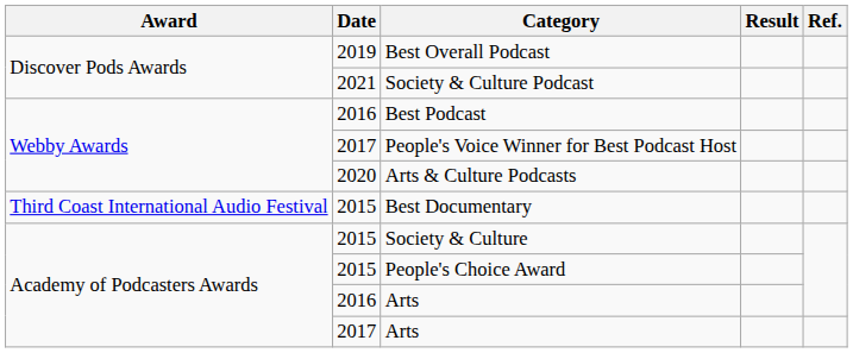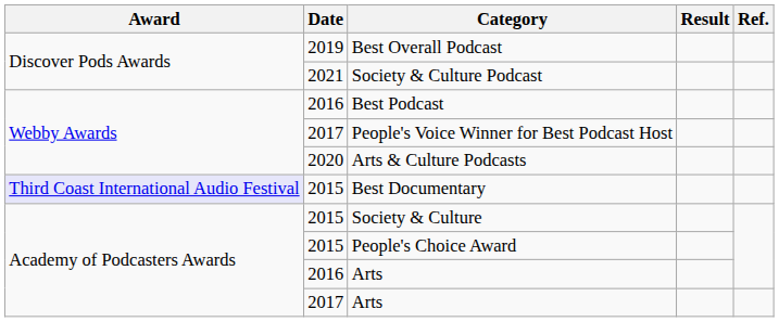 <table class="wikitable sortable">
 <tr>
 <th>Award</th>
 <th>Date</th>
 <th>Category</th>
 <th>Result</th>
 <th>Ref.</th>
 </tr>
 <tr>
 <td rowspan="2">Discover Pods Awards</td>
 <td>2019</td>
 <td>Best Overall Podcast</td>
 <td></td>
 <td></td>
 </tr>
 <tr>
 <td>2021</td>
 <td>Society & Culture Podcast</td>
 <td></td>
 <td></td>
 </tr>
 <tr>
 <td rowspan="3"><a href='#'>Webby Awards</a></td>
 <td>2016</td>
 <td>Best Podcast</td>
 <td></td>
 <td></td>
 </tr>
 <tr>
 <td>2017</td>
 <td>People's Voice Winner for Best Podcast Host</td>
 <td></td>
 <td></td>
 </tr>
 <tr>
 <td>2020</td>
 <td>Arts & Culture Podcasts</td>
 <td></td>
 <td></td>
 </tr>
 <tr>
-<td><a href='#'>Third Coast International Audio Festival</a></td>
+<td style="background: lavender;"><a href='#'>Third Coast International Audio Festival</a></td>
 <td>2015</td>
 <td>Best Documentary</td>
 <td></td>
 <td></td>
 </tr>
 <tr>
 <td rowspan="4">Academy of Podcasters Awards</td>
 <td>2015</td>
 <td>Society & Culture</td>
 <td></td>
 <td rowspan="3"></td>
 </tr>
 <tr>
 <td>2015</td>
 <td>People's Choice Award</td>
 <td></td>
 </tr>
 <tr>
 <td>2016</td>
 <td>Arts</td>
 <td></td>
 </tr>
 <tr>
 <td>2017</td>
 <td>Arts</td>
 <td></td>
 <td></td>
 </tr>
 </table>
